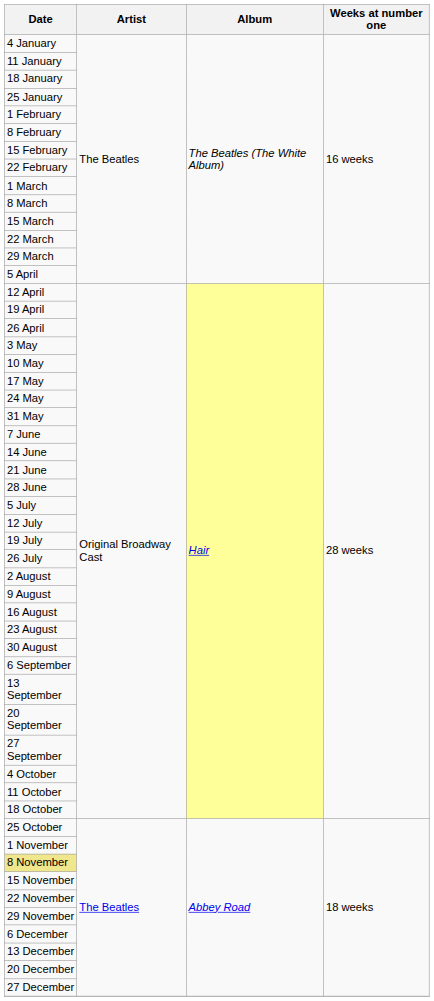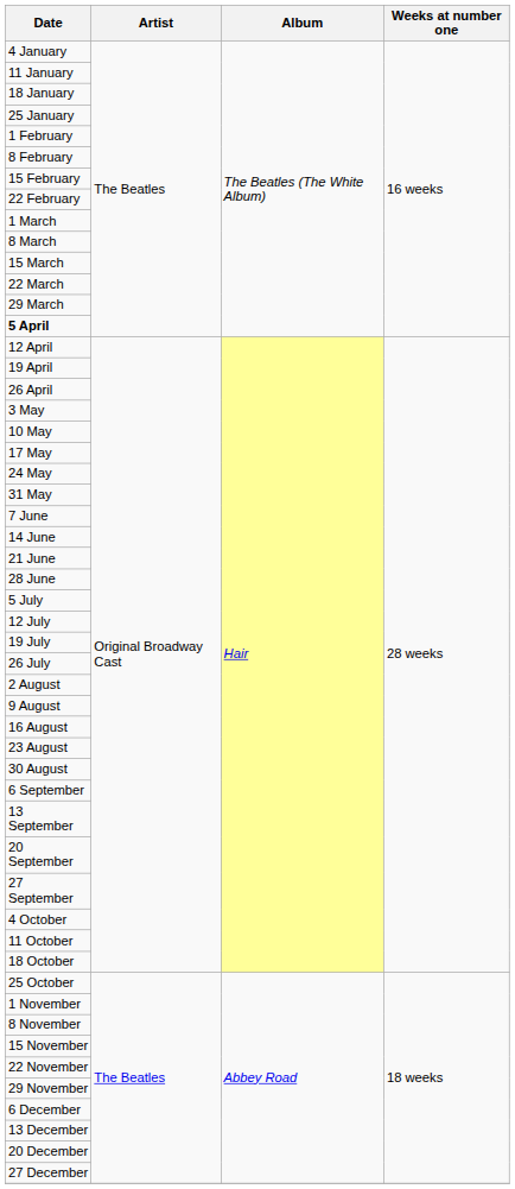 <table class="wikitable">
 <tr>
 <th>Date</th>
 <th>Artist</th>
 <th>Album</th>
 <th>Weeks at number one</th>
 </tr>
 <tr>
 <td>4 January</td>
 <td rowspan="14">The Beatles</td>
 <td rowspan="14"><em>The Beatles (The White Album)</em></td>
 <td rowspan="14">16 weeks</td>
 </tr>
 <tr>
 <td>11 January</td>
 </tr>
 <tr>
 <td>18 January</td>
 </tr>
 <tr>
 <td>25 January</td>
 </tr>
 <tr>
 <td>1 February</td>
 </tr>
 <tr>
 <td>8 February</td>
 </tr>
 <tr>
 <td>15 February</td>
 </tr>
 <tr>
 <td>22 February</td>
 </tr>
 <tr>
 <td>1 March</td>
 </tr>
 <tr>
 <td>8 March</td>
 </tr>
 <tr>
 <td>15 March</td>
 </tr>
 <tr>
 <td>22 March</td>
 </tr>
 <tr>
 <td>29 March</td>
 </tr>
 <tr>
-<td>5 April</td>
+<td><strong>5 April</strong></td>
 </tr>
 <tr>
 <td>12 April</td>
 <td rowspan="28">Original Broadway Cast</td>
 <td bgcolor=#FFFF99 rowspan="28"><em><a href='#'>Hair</a></em></td>
 <td rowspan="28">28 weeks</td>
 </tr>
 <tr>
 <td>19 April</td>
 </tr>
 <tr>
 <td>26 April</td>
 </tr>
 <tr>
 <td>3 May</td>
 </tr>
 <tr>
 <td>10 May</td>
 </tr>
 <tr>
 <td>17 May</td>
 </tr>
 <tr>
 <td>24 May</td>
 </tr>
 <tr>
 <td>31 May</td>
 </tr>
 <tr>
 <td>7 June</td>
 </tr>
 <tr>
 <td>14 June</td>
 </tr>
 <tr>
 <td>21 June</td>
 </tr>
 <tr>
 <td>28 June</td>
 </tr>
 <tr>
 <td>5 July</td>
 </tr>
 <tr>
 <td>12 July</td>
 </tr>
 <tr>
 <td>19 July</td>
 </tr>
 <tr>
 <td>26 July</td>
 </tr>
 <tr>
 <td>2 August</td>
 </tr>
 <tr>
 <td>9 August</td>
 </tr>
 <tr>
 <td>16 August</td>
 </tr>
 <tr>
 <td>23 August</td>
 </tr>
 <tr>
 <td>30 August</td>
 </tr>
 <tr>
 <td>6 September</td>
 </tr>
 <tr>
 <td>13 September</td>
 </tr>
 <tr>
 <td>20 September</td>
 </tr>
 <tr>
 <td>27 September</td>
 </tr>
 <tr>
 <td>4 October</td>
 </tr>
 <tr>
 <td>11 October</td>
 </tr>
 <tr>
 <td>18 October</td>
 </tr>
 <tr>
 <td>25 October</td>
 <td rowspan="10"><a href='#'>The Beatles</a></td>
 <td rowspan="10"><em><a href='#'>Abbey Road</a></em></td>
 <td rowspan="10">18 weeks</td>
 </tr>
 <tr>
 <td>1 November</td>
 </tr>
 <tr>
-<td style="background: khaki;">8 November</td>
+<td>8 November</td>
 </tr>
 <tr>
 <td>15 November</td>
 </tr>
 <tr>
 <td>22 November</td>
 </tr>
 <tr>
 <td>29 November</td>
 </tr>
 <tr>
 <td>6 December</td>
 </tr>
 <tr>
 <td>13 December</td>
 </tr>
 <tr>
 <td>20 December</td>
 </tr>
 <tr>
 <td>27 December</td>
 </tr>
 <tr>
 </tr>
 </table>
